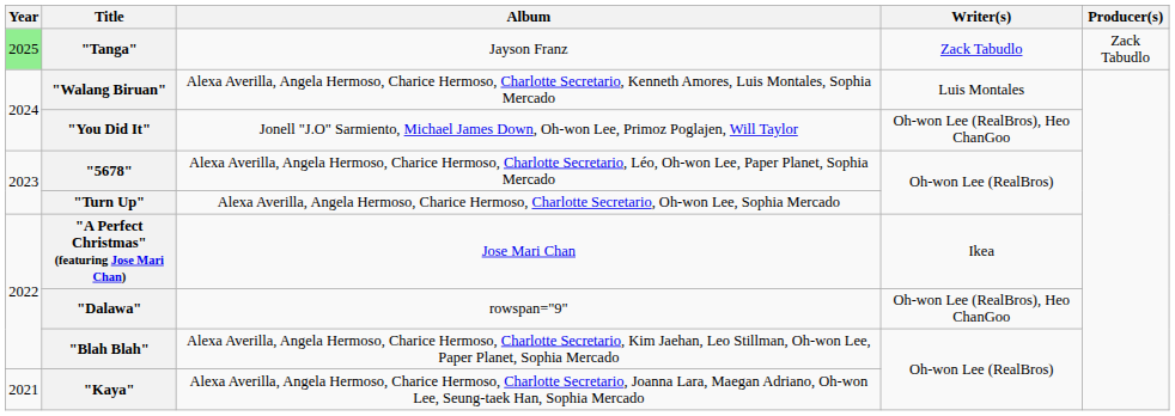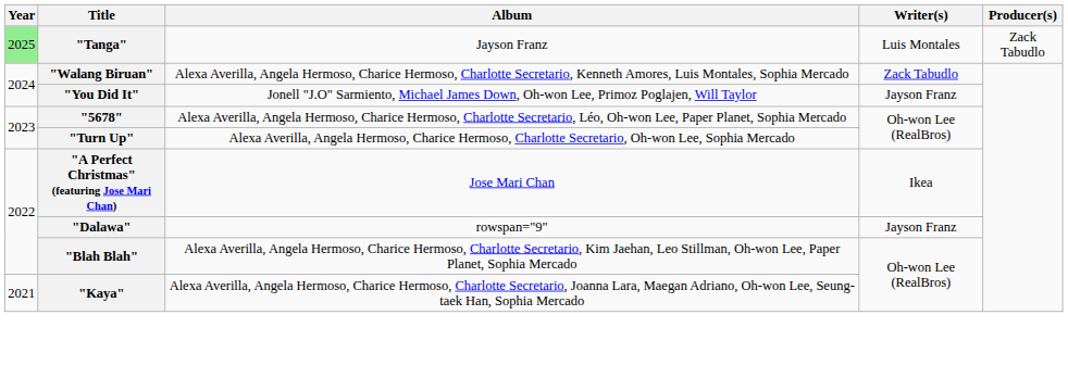 <table class="wikitable plainrowheaders" style="text-align:center;">
 <tr>
 <th rowspan="1" scope="col">Year</th>
 <th rowspan="1" scope="col">Title</th>
 <th scope="col" rowspan="1">Album</th>
 <th>Writer(s)</th>
 <th>Producer(s)</th>
 </tr>
 <tr>
 <td style="background: lightgreen;">2025</td>
 <th scope="row">"Tanga"</th>
 <td>Jayson Franz</td>
-<td><a href='#'>Zack Tabudlo</a></td>
+<td>Luis Montales</td>
 <td>Zack Tabudlo</td>
 </tr>
 <tr>
 <td rowspan="2">2024</td>
 <th scope="row">"Walang Biruan"</th>
 <td>Alexa Averilla, Angela Hermoso, Charice Hermoso, <a href='#'>Charlotte Secretario</a>, Kenneth Amores, Luis Montales, Sophia Mercado</td>
-<td>Luis Montales</td>
+<td><a href='#'>Zack Tabudlo</a></td>
 </tr>
 <tr>
 <th scope="row">"You Did It"</th>
 <td>Jonell "J.O" Sarmiento, <a href='#'>Michael James Down</a>, Oh-won Lee, Primoz Poglajen, <a href='#'>Will Taylor</a></td>
-<td>Oh-won Lee (RealBros), Heo ChanGoo</td>
+<td>Jayson Franz</td>
 </tr>
 <tr>
 <td rowspan="2">2023</td>
 <th scope="row">"5678"</th>
 <td>Alexa Averilla, Angela Hermoso, Charice Hermoso, <a href='#'>Charlotte Secretario</a>, Léo, Oh-won Lee, Paper Planet, Sophia Mercado</td>
 <td rowspan="2">Oh-won Lee (RealBros)</td>
 </tr>
 <tr>
 <th scope="row">"Turn Up"</th>
 <td>Alexa Averilla, Angela Hermoso, Charice Hermoso, <a href='#'>Charlotte Secretario</a>, Oh-won Lee, Sophia Mercado</td>
 </tr>
 <tr>
 <td rowspan="3">2022</td>
 <th scope="row">"A Perfect Christmas"<br><small>(featuring <a href='#'>Jose Mari Chan</a>)</small></th>
 <td><a href='#'>Jose Mari Chan</a></td>
 <td>Ikea</td>
 </tr>
 <tr>
 <th scope="row">"Dalawa"</th>
 <td>rowspan="9" </td>
-<td>Oh-won Lee (RealBros), Heo ChanGoo</td>
+<td>Jayson Franz</td>
 </tr>
 <tr>
 <th scope="row">"Blah Blah"</th>
 <td>Alexa Averilla, Angela Hermoso, Charice Hermoso, <a href='#'>Charlotte Secretario</a>, Kim Jaehan, Leo Stillman, Oh-won Lee, Paper Planet, Sophia Mercado</td>
 <td rowspan="2">Oh-won Lee (RealBros)</td>
 </tr>
 <tr>
 <td>2021</td>
 <th scope="row">"Kaya"</th>
 <td>Alexa Averilla, Angela Hermoso, Charice Hermoso, <a href='#'>Charlotte Secretario</a>, Joanna Lara, Maegan Adriano, Oh-won Lee, Seung-taek Han, Sophia Mercado</td>
 </tr>
 </table>
